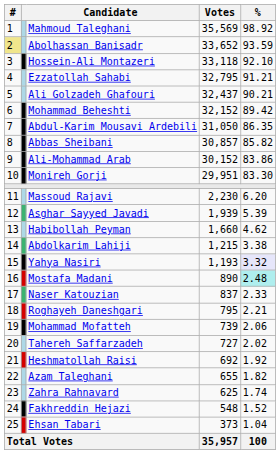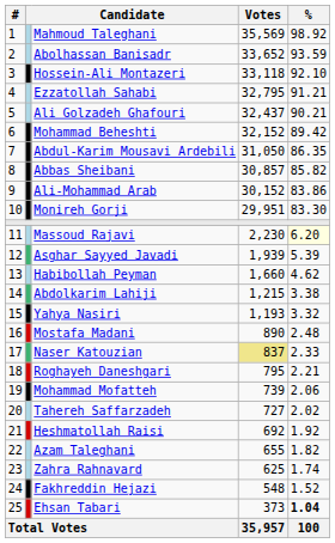 <table class="wikitable">
 <tr>
 <th>#</th>
 <th colspan="2">Candidate</th>
 <th>Votes</th>
 <th>%</th>
 </tr>
 <tr>
 <td>1</td>
 <td style="background:#ADD8E6;"></td>
 <td><a href='#'>Mahmoud Taleghani</a></td>
 <td>35,569</td>
 <td>98.92</td>
 </tr>
 <tr>
-<td style="background: khaki;">2</td>
+<td>2</td>
 <td style="background:#ADD8E6;"></td>
 <td><a href='#'>Abolhassan Banisadr</a></td>
 <td>33,652</td>
 <td>93.59</td>
 </tr>
 <tr>
 <td>3</td>
 <td style="background:#000000;"></td>
 <td><a href='#'>Hossein-Ali Montazeri</a></td>
 <td>33,118</td>
 <td>92.10</td>
 </tr>
 <tr>
 <td>4</td>
 <td style="background:#ADD8E6;"></td>
 <td><a href='#'>Ezzatollah Sahabi</a></td>
 <td>32,795</td>
 <td>91.21</td>
 </tr>
 <tr>
 <td>5</td>
 <td style="background:#ADD8E6;"></td>
 <td><a href='#'>Ali Golzadeh Ghafouri</a></td>
 <td>32,437</td>
 <td>90.21</td>
 </tr>
 <tr>
 <td>6</td>
 <td style="background:#000000;"></td>
 <td><a href='#'>Mohammad Beheshti</a></td>
 <td>32,152</td>
 <td>89.42</td>
 </tr>
 <tr>
 <td>7</td>
 <td style="background:#000000;"></td>
 <td><a href='#'>Abdul-Karim Mousavi Ardebili</a></td>
 <td>31,050</td>
 <td>86.35</td>
 </tr>
 <tr>
 <td>8</td>
 <td style="background:#000000;"></td>
 <td><a href='#'>Abbas Sheibani</a></td>
 <td>30,857</td>
 <td>85.82</td>
 </tr>
 <tr>
 <td>9</td>
 <td style="background:#000000;"></td>
 <td><a href='#'>Ali-Mohammad Arab</a></td>
 <td>30,152</td>
 <td>83.86</td>
 </tr>
 <tr>
 <td>10</td>
 <td style="background:#000000;"></td>
 <td><a href='#'>Monireh Gorji</a></td>
 <td>29,951</td>
 <td>83.30</td>
 </tr>
 <tr>
 <td colspan="9" style="background:#E9E9E9;"></td>
 </tr>
 <tr>
 <td>11</td>
 <td style="background:#ADD8E6;"></td>
 <td><a href='#'>Massoud Rajavi</a></td>
 <td align=right>2,230</td>
-<td>6.20</td>
+<td style="background: lightyellow;">6.20</td>
 </tr>
 <tr>
 <td>12</td>
 <td style="background:#3CB371;"></td>
 <td><a href='#'>Asghar Sayyed Javadi</a></td>
 <td align=right>1,939</td>
 <td>5.39</td>
 </tr>
 <tr>
 <td>13</td>
 <td style="background:#ADD8E6;"></td>
 <td><a href='#'>Habibollah Peyman</a></td>
 <td align=right>1,660</td>
 <td>4.62</td>
 </tr>
 <tr>
 <td>14</td>
 <td style="background:#3CB371;"></td>
 <td><a href='#'>Abdolkarim Lahiji</a></td>
 <td align=right>1,215</td>
 <td>3.38</td>
 </tr>
 <tr>
 <td>15</td>
 <td style="background:#000000;"></td>
 <td><a href='#'>Yahya Nasiri</a></td>
 <td align=right>1,193</td>
-<td style="background: lavender;">3.32</td>
+<td>3.32</td>
 </tr>
 <tr>
 <td>16</td>
 <td style="background:#D40000;"></td>
 <td><a href='#'>Mostafa Madani</a></td>
 <td align=right>890</td>
-<td style="background: paleturquoise;">2.48</td>
+<td>2.48</td>
 </tr>
 <tr>
 <td>17</td>
 <td style="background:#3CB371;"></td>
 <td><a href='#'>Naser Katouzian</a></td>
-<td align=right>837</td>
+<td align=right style="background: khaki;">837</td>
 <td>2.33</td>
 </tr>
 <tr>
 <td>18</td>
 <td style="background:#D40000;"></td>
 <td><a href='#'>Roghayeh Daneshgari</a></td>
 <td align=right>795</td>
 <td>2.21</td>
 </tr>
 <tr>
 <td>19</td>
 <td style="background:#000000;"></td>
 <td><a href='#'>Mohammad Mofatteh</a></td>
 <td align=right>739</td>
 <td>2.06</td>
 </tr>
 <tr>
 <td>20</td>
 <td style="background:#ADD8E6;"></td>
 <td><a href='#'>Tahereh Saffarzadeh</a></td>
 <td align=right>727</td>
 <td>2.02</td>
 </tr>
 <tr>
 <td>21</td>
 <td style="background:#D40000;"></td>
 <td><a href='#'>Heshmatollah Raisi</a></td>
 <td align=right>692</td>
 <td>1.92</td>
 </tr>
 <tr>
 <td>22</td>
 <td style="background:#ADD8E6;"></td>
 <td><a href='#'>Azam Taleghani</a></td>
 <td align=right>655</td>
 <td>1.82</td>
 </tr>
 <tr>
 <td>23</td>
 <td style="background:#ADD8E6;"></td>
 <td><a href='#'>Zahra Rahnavard</a></td>
 <td align=right>625</td>
 <td>1.74</td>
 </tr>
 <tr>
 <td>24</td>
 <td style="background:#000000;"></td>
 <td><a href='#'>Fakhreddin Hejazi</a></td>
 <td align=right>548</td>
 <td>1.52</td>
 </tr>
 <tr>
 <td>25</td>
 <td style="background:#D40000;"></td>
 <td><a href='#'>Ehsan Tabari</a></td>
 <td align=right>373</td>
-<td>1.04</td>
+<td><strong>1.04</strong></td>
 </tr>
 <tr>
 <th colspan="3" style="text-align:left;">Total Votes</th>
 <th>35,957</th>
 <th>100</th>
 </tr>
 </table>
